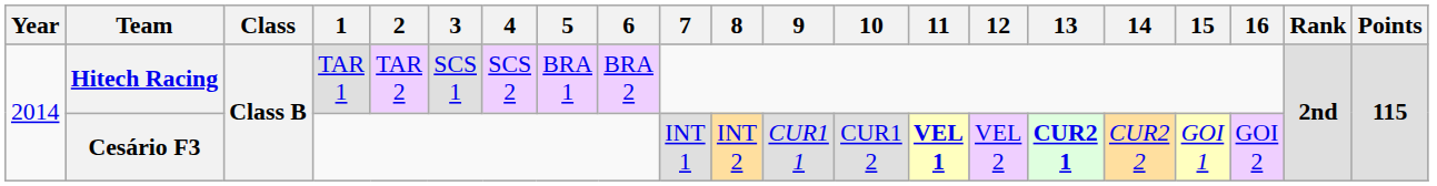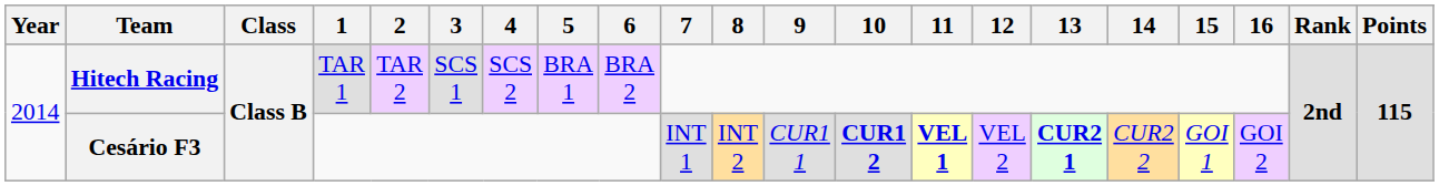 <table class="wikitable" style="text-align:center; font-size:85%">
 <tr>
 <th>Year</th>
 <th>Team</th>
 <th>Class</th>
 <th>1</th>
 <th>2</th>
 <th>3</th>
 <th>4</th>
 <th>5</th>
 <th>6</th>
 <th>7</th>
 <th>8</th>
 <th>9</th>
 <th>10</th>
 <th>11</th>
 <th>12</th>
 <th>13</th>
 <th>14</th>
 <th>15</th>
 <th>16</th>
 <th>Rank</th>
 <th>Points</th>
 </tr>
 <tr>
 <td rowspan=2><a href='#'>2014</a></td>
 <th nowrap><a href='#'>Hitech Racing</a></th>
 <th rowspan=2 nowrap>Class B</th>
 <td style="background:#DFDFDF;"><a href='#'>TAR<br>1</a><br></td>
 <td style="background:#efcfff;"><a href='#'>TAR<br>2</a><br></td>
 <td style="background:#DFDFDF;"><a href='#'>SCS<br>1</a><br></td>
 <td style="background:#efcfff;"><a href='#'>SCS<br>2</a><br></td>
 <td style="background:#efcfff;"><a href='#'>BRA<br>1</a><br></td>
 <td style="background:#efcfff;"><a href='#'>BRA<br>2</a><br></td>
 <td colspan=10></td>
 <th rowspan=2 style="background:#DFDFDF;">2nd</th>
 <th rowspan=2 style="background:#DFDFDF;">115</th>
 </tr>
 <tr>
 <th nowrap>Cesário F3</th>
 <td colspan=6></td>
 <td style="background:#DFDFDF;"><a href='#'>INT<br>1</a><br></td>
 <td style="background:#FFDF9F;"><a href='#'>INT<br>2</a><br></td>
 <td style="background:#DFDFDF;"><em><a href='#'>CUR1<br>1</a></em><br></td>
-<td style="background:#DFDFDF;"><a href='#'>CUR1<br>2</a><br></td>
+<td style="background:#DFDFDF;"><strong><a href='#'>CUR1<br>2</a><br></strong></td>
 <td style="background:#FFFFBF;"><strong><a href='#'>VEL<br>1</a></strong><br></td>
 <td style="background:#efcfff;"><a href='#'>VEL<br>2</a><br></td>
 <td style="background:#DFFFDF;"><strong><a href='#'>CUR2<br>1</a></strong><br></td>
 <td style="background:#FFDF9F;"><em><a href='#'>CUR2<br>2</a></em><br></td>
 <td style="background:#FFFFBF;"><em><a href='#'>GOI<br>1</a></em><br></td>
 <td style="background:#efcfff;"><a href='#'>GOI<br>2</a><br></td>
 </tr>
 </table>
